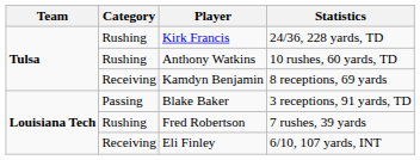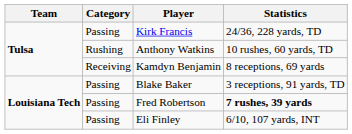 <table class="wikitable" style="float: right;">
 <tr>
 <th>Team</th>
 <th>Category</th>
 <th>Player</th>
 <th>Statistics</th>
 </tr>
 <tr>
 <td rowspan=3><strong>Tulsa</strong></td>
-<td>Rushing</td>
+<td>Passing</td>
 <td><a href='#'>Kirk Francis</a></td>
 <td>24/36, 228 yards, TD</td>
 </tr>
 <tr>
 <td>Rushing</td>
 <td>Anthony Watkins</td>
 <td>10 rushes, 60 yards, TD</td>
 </tr>
 <tr>
 <td>Receiving</td>
 <td>Kamdyn Benjamin</td>
 <td>8 receptions, 69 yards</td>
 </tr>
 <tr>
 <td rowspan=3><strong>Louisiana Tech</strong></td>
 <td>Passing</td>
 <td>Blake Baker</td>
 <td>3 receptions, 91 yards, TD</td>
 </tr>
 <tr>
-<td>Rushing</td>
+<td>Passing</td>
 <td>Fred Robertson</td>
-<td>7 rushes, 39 yards</td>
+<td><strong>7 rushes, 39 yards</strong></td>
 </tr>
 <tr>
-<td>Receiving</td>
+<td>Passing</td>
 <td>Eli Finley</td>
 <td>6/10, 107 yards, INT</td>
 </tr>
 </table>
